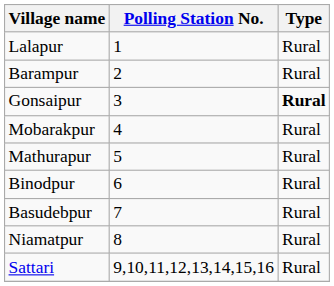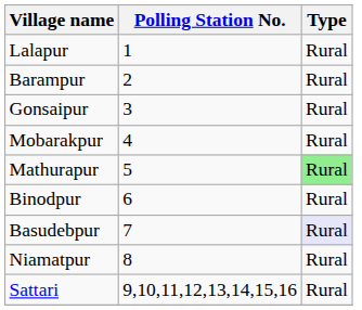 <table class="wikitable">
 <tr>
 <th>Village name</th>
 <th><a href='#'>Polling Station</a> No.</th>
 <th>Type</th>
 </tr>
 <tr>
 <td>Lalapur</td>
 <td>1</td>
 <td>Rural</td>
 </tr>
 <tr>
 <td>Barampur</td>
 <td>2</td>
 <td>Rural</td>
 </tr>
 <tr>
 <td>Gonsaipur</td>
 <td>3</td>
-<td><strong>Rural</strong></td>
+<td>Rural</td>
 </tr>
 <tr>
 <td>Mobarakpur</td>
 <td>4</td>
 <td>Rural</td>
 </tr>
 <tr>
 <td>Mathurapur</td>
 <td>5</td>
-<td>Rural</td>
+<td style="background: lightgreen;">Rural</td>
 </tr>
 <tr>
 <td>Binodpur</td>
 <td>6</td>
 <td>Rural</td>
 </tr>
 <tr>
 <td>Basudebpur</td>
 <td>7</td>
-<td>Rural</td>
+<td style="background: lavender;">Rural</td>
 </tr>
 <tr>
 <td>Niamatpur</td>
 <td>8</td>
 <td>Rural</td>
 </tr>
 <tr>
 <td><a href='#'>Sattari</a></td>
 <td>9,10,11,12,13,14,15,16</td>
 <td>Rural</td>
 </tr>
 <tr>
 </tr>
 </table>
